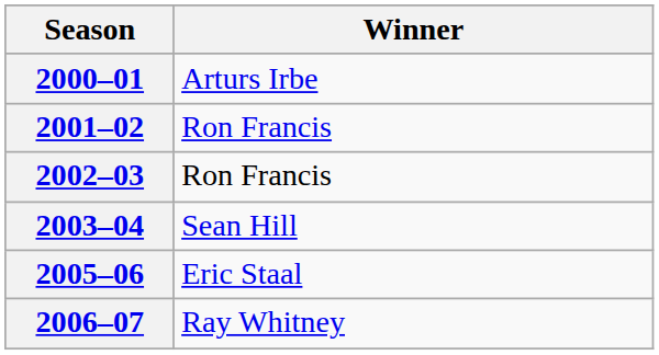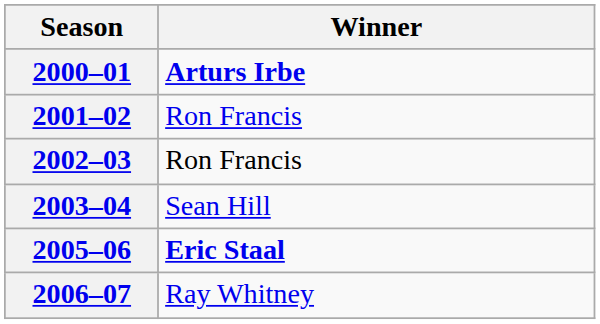 <table class="wikitable">
 <tr>
 <th scope="col" style="width:5em">Season</th>
 <th scope="col" style="width:15em">Winner</th>
 </tr>
 <tr>
 <th scope="row"><a href='#'>2000–01</a></th>
-<td><a href='#'>Arturs Irbe</a></td>
+<td><strong><a href='#'>Arturs Irbe</a></strong></td>
 </tr>
 <tr>
 <th scope="row"><a href='#'>2001–02</a></th>
 <td><a href='#'>Ron Francis</a></td>
 </tr>
 <tr>
 <th scope="row"><a href='#'>2002–03</a></th>
 <td>Ron Francis</td>
 </tr>
 <tr>
 <th scope="row"><a href='#'>2003–04</a></th>
 <td><a href='#'>Sean Hill</a></td>
 </tr>
 <tr>
 <th scope="row"><a href='#'>2005–06</a></th>
-<td><a href='#'>Eric Staal</a></td>
+<td><strong><a href='#'>Eric Staal</a></strong></td>
 </tr>
 <tr>
 <th scope="row"><a href='#'>2006–07</a></th>
 <td><a href='#'>Ray Whitney</a></td>
 </tr>
 </table>
